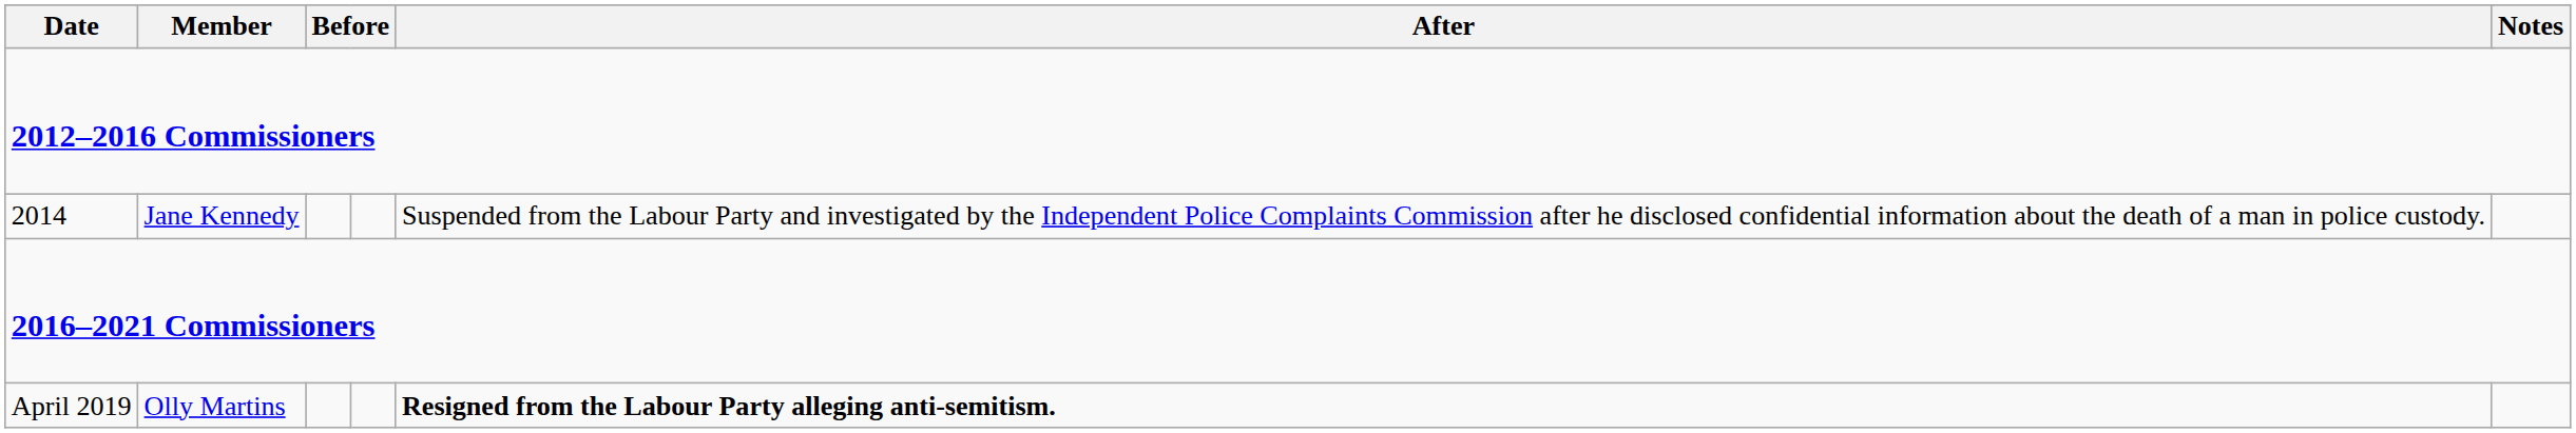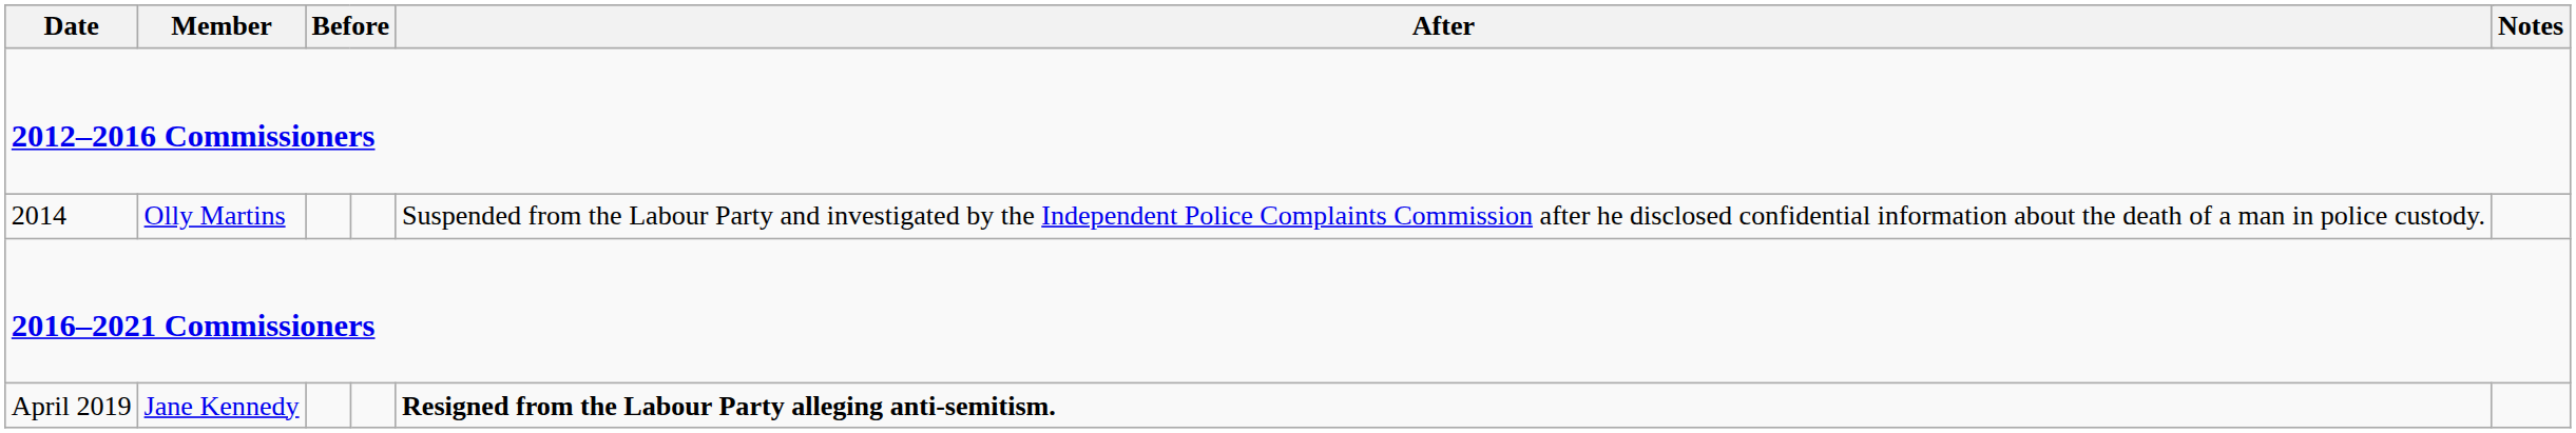 <table class="wikitable">
 <tr style="background:#ccc;">
 <th>Date</th>
 <th>Member</th>
 <th colspan=2>Before</th>
 <th colspan=2>After</th>
 <th>Notes</th>
 </tr>
 <tr>
 <td colspan="7"><br><h3><a href='#'>2012–2016 Commissioners</a></h3></td>
 </tr>
 <tr>
 <td>2014</td>
-<td><a href='#'>Jane Kennedy</a></td>
+<td><a href='#'>Olly Martins</a></td>
 <td></td>
 <td></td>
 <td>Suspended from the Labour Party and investigated by the <a href='#'>Independent Police Complaints Commission</a> after he disclosed confidential information about the death of a man in police custody.</td>
 </tr>
 <tr>
 <td colspan=7><br><h3><a href='#'>2016–2021 Commissioners</a></h3></td>
 </tr>
 <tr>
 <td>April 2019</td>
-<td><a href='#'>Olly Martins</a></td>
+<td><a href='#'>Jane Kennedy</a></td>
 <td></td>
 <td></td>
 <td><strong>Resigned from the Labour Party alleging anti-semitism.</strong></td>
 </tr>
 </table>
